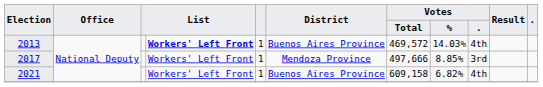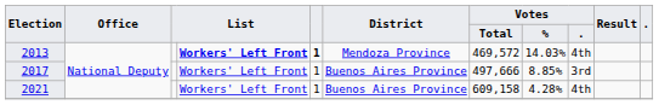 <table class="wikitable" style="font-size:90%; text-align:center;">
 <tr>
 <th style="background-color:#EAECF0;" rowspan=2>Election</th>
 <th style="background-color:#EAECF0;" rowspan=2>Office</th>
 <th style="background-color:#EAECF0;" colspan=2 rowspan=2>List</th>
 <th style="background-color:#EAECF0;" rowspan=2></th>
 <th style="background-color:#EAECF0;" rowspan=2>District</th>
 <th style="background-color:#EAECF0;" colspan=3>Votes</th>
 <th style="background-color:#EAECF0;" rowspan=2>Result</th>
 <th style="background-color:#EAECF0;" rowspan=2>.</th>
 </tr>
 <tr>
 <th style="background-color:#EAECF0;">Total</th>
 <th style="background-color:#EAECF0;">%</th>
 <th style="background-color:#EAECF0;">.</th>
 </tr>
 <tr>
 <td style="background-color:#EAECF0;"><a href='#'>2013</a></td>
 <td rowspan="3"><a href='#'>National Deputy</a></td>
 <td style="background-color:"></td>
 <td><strong><a href='#'>Workers' Left Front</a></strong></td>
-<td>1</td>
-<td><a href='#'>Buenos Aires Province</a></td>
+<td><strong>1</strong></td>
+<td><a href='#'>Mendoza Province</a></td>
 <td>469,572</td>
 <td>14.03%</td>
 <td>4th</td>
 <td></td>
 <td></td>
 </tr>
 <tr>
 <td style="background-color:#EAECF0;"><a href='#'>2017</a></td>
 <td style="background-color:"></td>
 <td><a href='#'>Workers' Left Front</a></td>
 <td>1</td>
-<td><a href='#'>Mendoza Province</a></td>
+<td><a href='#'>Buenos Aires Province</a></td>
 <td>497,666</td>
 <td>8.85%</td>
 <td>3rd</td>
 <td></td>
 <td></td>
 </tr>
 <tr>
 <td style="background-color:#EAECF0;"><a href='#'>2021</a></td>
 <td style="background-color:"></td>
 <td><a href='#'>Workers' Left Front</a></td>
 <td>1</td>
 <td><a href='#'>Buenos Aires Province</a></td>
 <td>609,158</td>
-<td>6.82%</td>
+<td>4.28%</td>
 <td>4th</td>
 <td></td>
 <td></td>
 </tr>
 <tr>
 </tr>
 </table>
